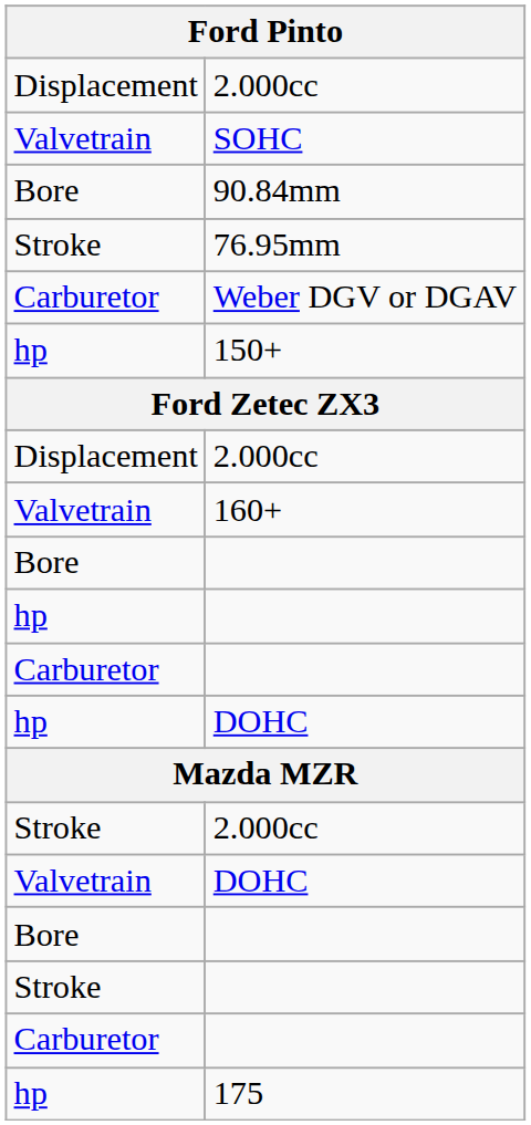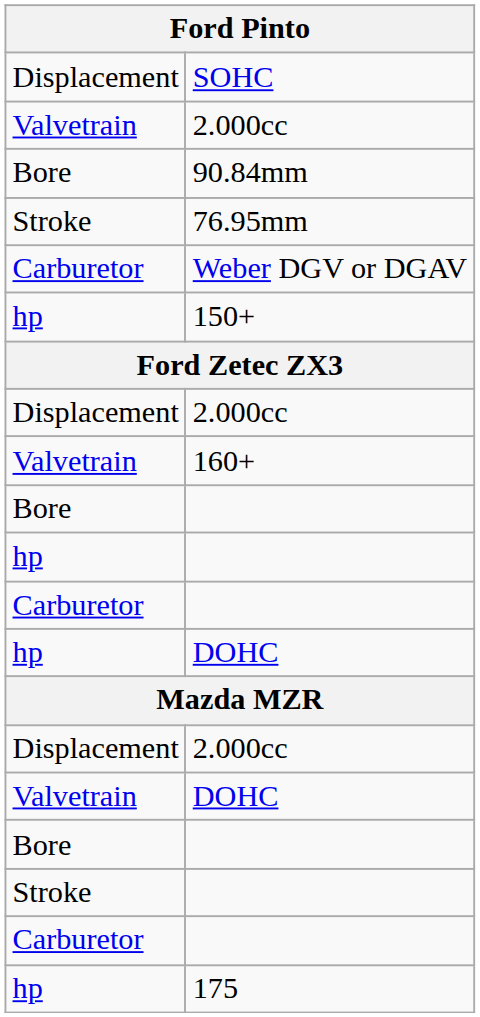 <table class="wikitable" align=right>
 <tr>
 <th colspan=2>Ford Pinto</th>
 </tr>
 <tr>
 <td>Displacement</td>
-<td>2.000cc</td>
+<td><a href='#'>SOHC</a></td>
 </tr>
 <tr>
 <td><a href='#'>Valvetrain</a></td>
-<td><a href='#'>SOHC</a></td>
+<td>2.000cc</td>
 </tr>
 <tr>
 <td>Bore</td>
 <td>90.84mm</td>
 </tr>
 <tr>
 <td>Stroke</td>
 <td>76.95mm</td>
 </tr>
 <tr>
 <td><a href='#'>Carburetor</a></td>
 <td><a href='#'>Weber</a> DGV or DGAV</td>
 </tr>
 <tr>
 <td><a href='#'>hp</a></td>
 <td>150+</td>
 </tr>
 <tr>
 <th colspan=2>Ford Zetec ZX3</th>
 </tr>
 <tr>
 <td>Displacement</td>
 <td>2.000cc</td>
 </tr>
 <tr>
 <td><a href='#'>Valvetrain</a></td>
 <td>160+</td>
 </tr>
 <tr>
 <td>Bore</td>
 <td></td>
 </tr>
 <tr>
 <td><a href='#'>hp</a></td>
 <td></td>
 </tr>
 <tr>
 <td><a href='#'>Carburetor</a></td>
 <td></td>
 </tr>
 <tr>
 <td><a href='#'>hp</a></td>
 <td><a href='#'>DOHC</a></td>
 </tr>
 <tr>
 <th colspan=2>Mazda MZR</th>
 </tr>
 <tr>
-<td>Stroke</td>
+<td>Displacement</td>
 <td>2.000cc</td>
 </tr>
 <tr>
 <td><a href='#'>Valvetrain</a></td>
 <td><a href='#'>DOHC</a></td>
 </tr>
 <tr>
 <td>Bore</td>
 <td></td>
 </tr>
 <tr>
 <td>Stroke</td>
 <td></td>
 </tr>
 <tr>
 <td><a href='#'>Carburetor</a></td>
 <td></td>
 </tr>
 <tr>
 <td><a href='#'>hp</a></td>
 <td>175</td>
 </tr>
 </table>
